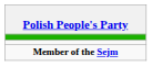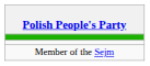 <table class="wikitable" style="font-size:90%; text-align:center;">
 <tr>
 <td style="background:#f1f1f1;" colspan="30"><br><big><strong><a href='#'>Polish People's Party</a></strong></big></td>
 </tr>
 <tr>
 <th style="width:3em; font-size:135%; background:#1BB100 ; width:200px;"><a href='#'></a></th>
 </tr>
 <tr>
 <td style="text-align:center"></td>
 </tr>
 <tr>
-<td><strong>Member of the <a href='#'>Sejm</a><br></strong></td>
+<td>Member of the <a href='#'>Sejm</a><br></td>
 </tr>
 </table>
